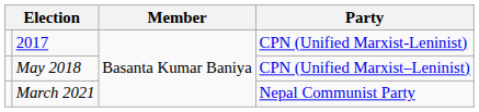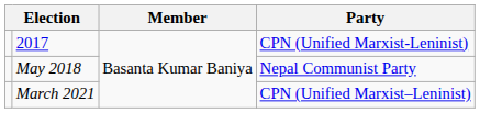 <table class="wikitable">
 <tr>
 <th colspan="2">Election</th>
 <th>Member</th>
 <th>Party</th>
 </tr>
 <tr>
 <td style="background-color:"></td>
 <td><a href='#'>2017</a></td>
 <td rowspan="3">Basanta Kumar Baniya</td>
 <td><a href='#'>CPN (Unified Marxist-Leninist)</a></td>
 </tr>
 <tr>
 <td style="background-color:"></td>
 <td><em>May 2018</em></td>
-<td><a href='#'>CPN (Unified Marxist–Leninist)</a></td>
+<td><a href='#'>Nepal Communist Party</a></td>
 </tr>
 <tr>
 <td style="background-color:"></td>
 <td><em>March 2021</em></td>
-<td><a href='#'>Nepal Communist Party</a></td>
+<td><a href='#'>CPN (Unified Marxist–Leninist)</a></td>
 </tr>
 </table>
